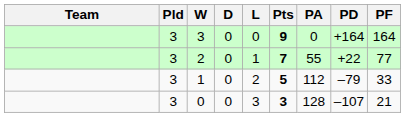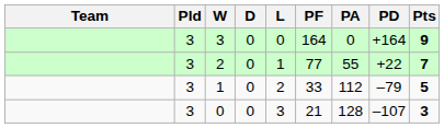 <table class="wikitable" style="text-align:center;">
 <tr>
 <th width=175>Team</th>
 <th width=25 abbr="Played">Pld</th>
 <th width=25 abbr="Won">W</th>
 <th width=25 abbr="Drawn">D</th>
 <th width=25 abbr="Lost">L</th>
-<th width=25 abbr="Points">Pts</th>
+<th width=32 abbr="Points for">PF</th>
 <th width=32 abbr="Points against">PA</th>
 <th width=32 abbr="Points difference">PD</th>
-<th width=32 abbr="Points for">PF</th>
+<th width=25 abbr="Points">Pts</th>
 </tr>
 <tr bgcolor=#cfc>
 <td align=left></td>
 <td>3</td>
 <td>3</td>
 <td>0</td>
 <td>0</td>
-<td><strong>9</strong></td>
+<td>164</td>
 <td>0</td>
 <td>+164</td>
-<td>164</td>
+<td><strong>9</strong></td>
 </tr>
 <tr bgcolor=#cfc>
 <td align=left></td>
 <td>3</td>
 <td>2</td>
 <td>0</td>
 <td>1</td>
-<td><strong>7</strong></td>
+<td>77</td>
 <td>55</td>
 <td>+22</td>
-<td>77</td>
+<td><strong>7</strong></td>
 </tr>
 <tr>
 <td align=left></td>
 <td>3</td>
 <td>1</td>
 <td>0</td>
 <td>2</td>
-<td><strong>5</strong></td>
+<td>33</td>
 <td>112</td>
 <td>–79</td>
-<td>33</td>
+<td><strong>5</strong></td>
 </tr>
 <tr>
 <td align=left></td>
 <td>3</td>
 <td>0</td>
 <td>0</td>
 <td>3</td>
-<td><strong>3</strong></td>
+<td>21</td>
 <td>128</td>
 <td>–107</td>
-<td>21</td>
+<td><strong>3</strong></td>
 </tr>
 </table>
